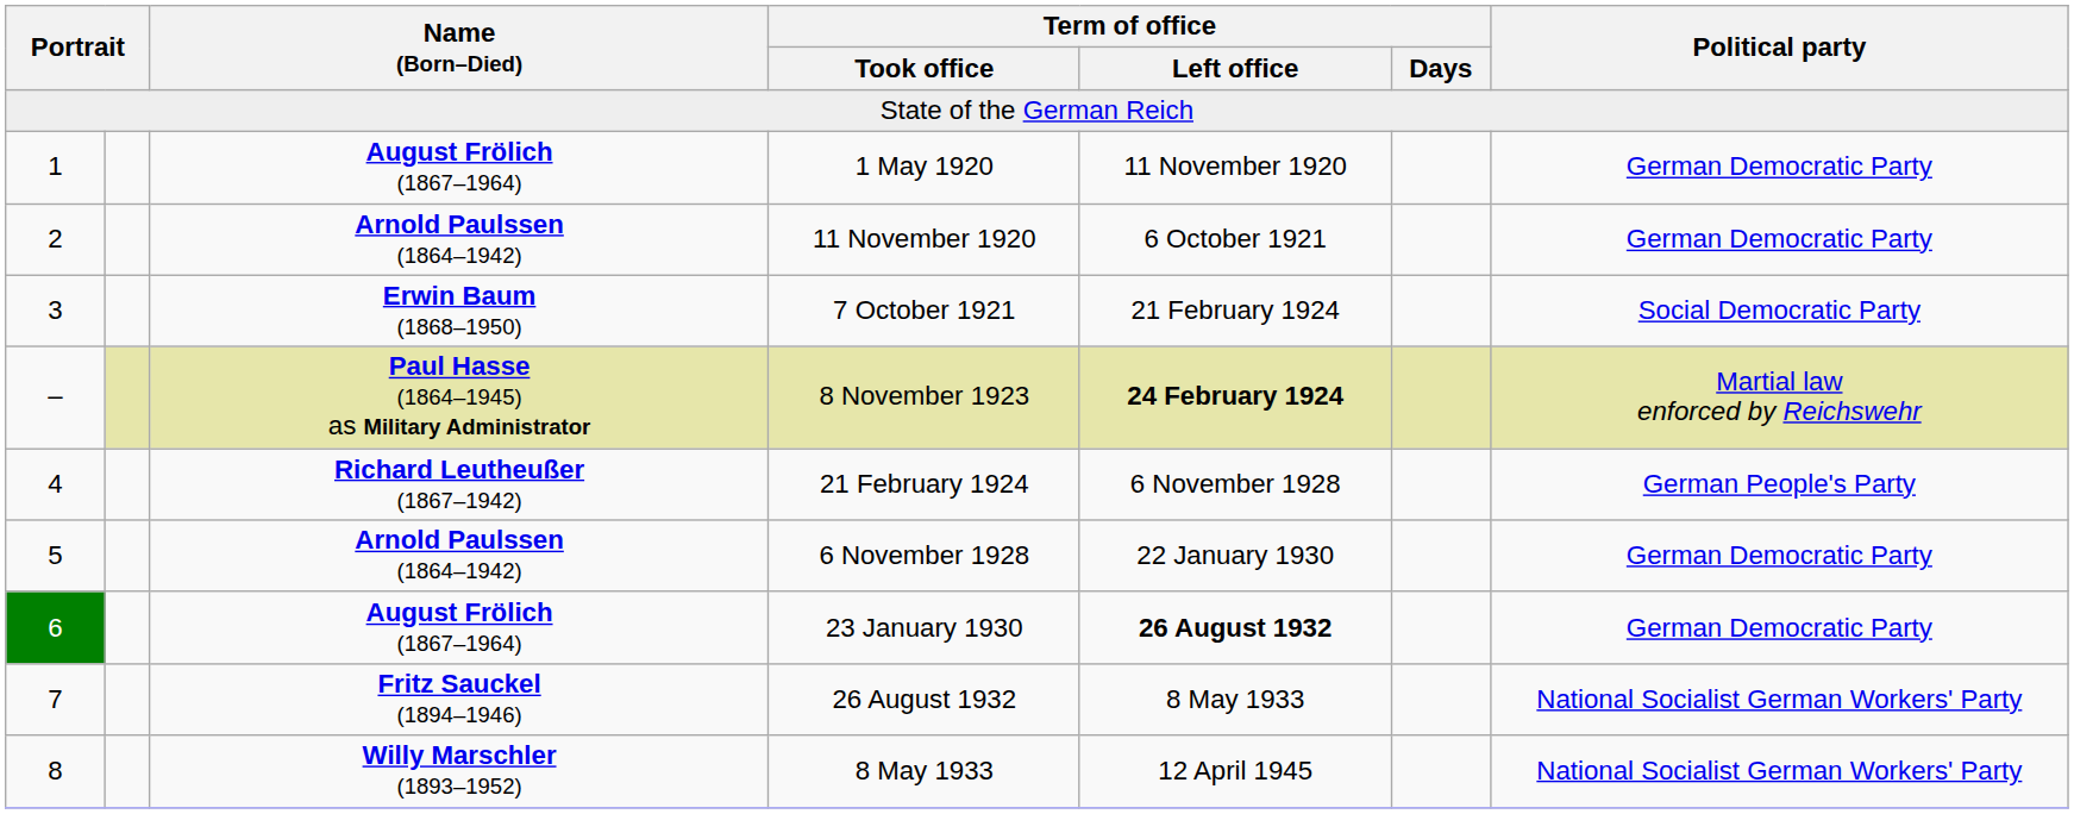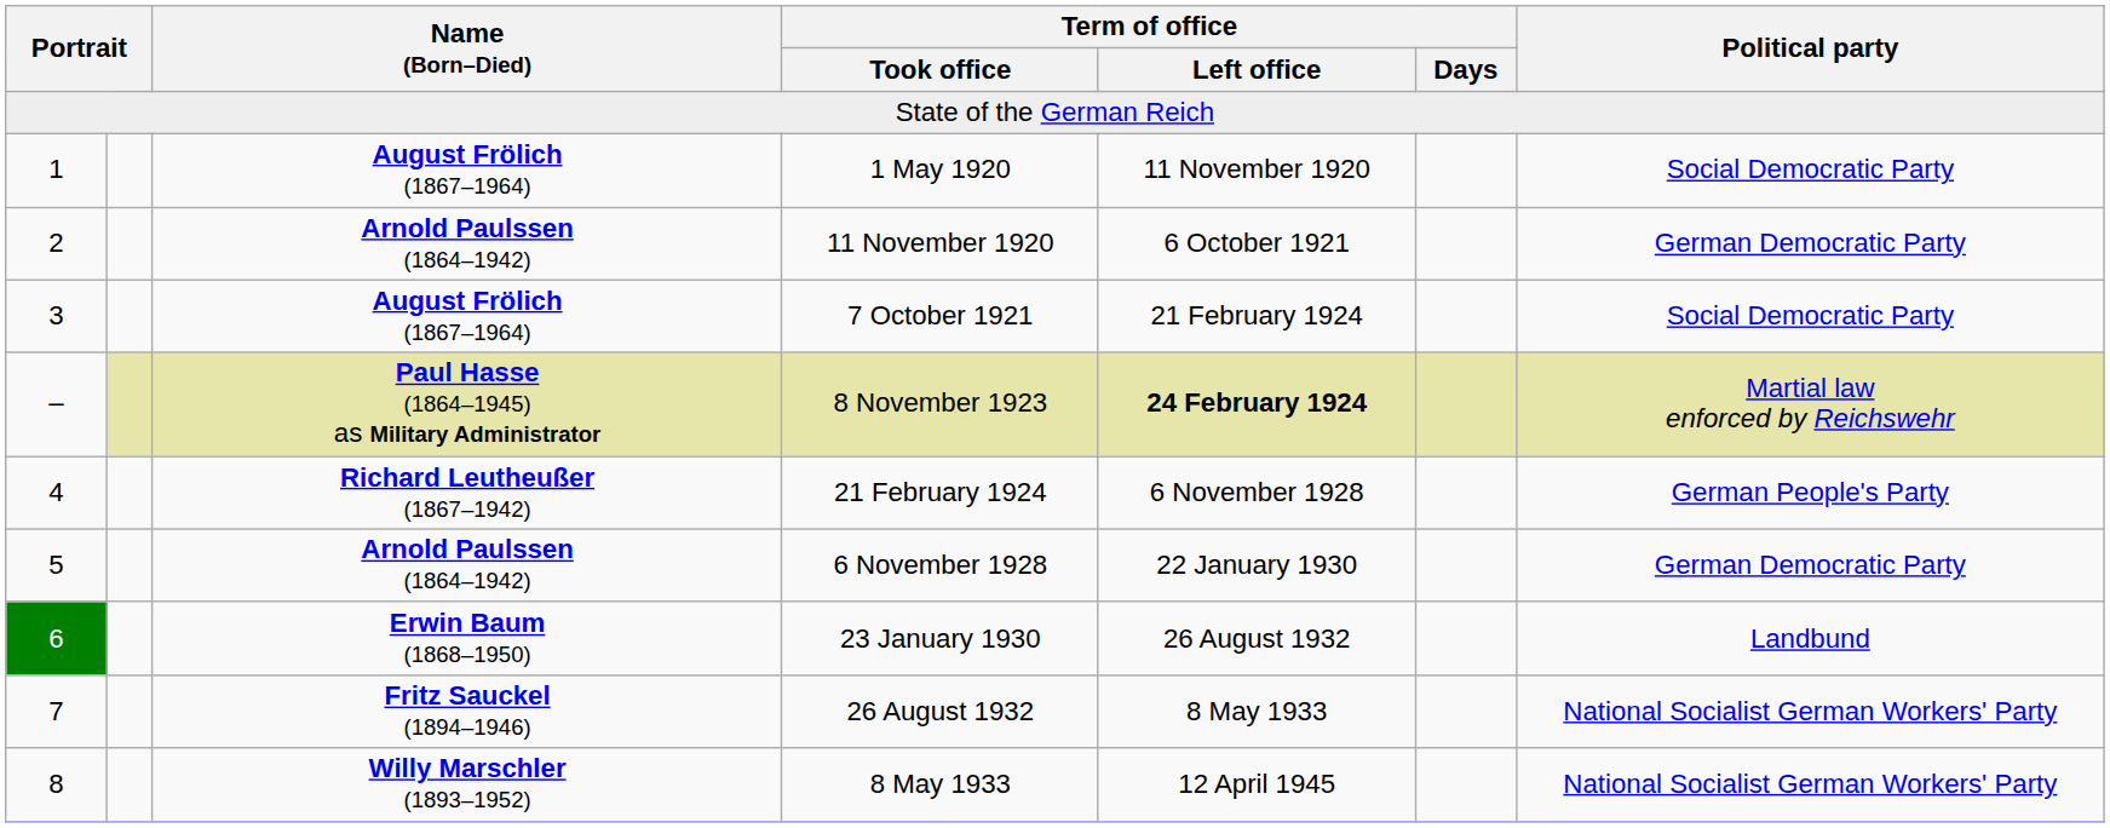 <table class="wikitable" style="text-align:center; border:1px #AAAAFF solid">
 <tr>
 <th width=80px rowspan=2 colspan=2>Portrait</th>
 <th width=30% rowspan=2>Name<br><small>(Born–Died)</small></th>
 <th width=35% colspan=3>Term of office</th>
 <th width=28% rowspan=2>Political party</th>
 </tr>
 <tr>
 <th>Took office</th>
 <th>Left office</th>
 <th>Days</th>
 </tr>
 <tr>
 <td bgcolor=#EEEEEE colspan=8>State of the <a href='#'>German Reich</a></td>
 </tr>
 <tr>
 <td style="background:">1</td>
 <td></td>
 <td><strong><a href='#'>August Frölich</a></strong><br><small>(1867–1964)</small><br></td>
 <td>1 May 1920</td>
 <td>11 November 1920</td>
 <td></td>
-<td><a href='#'>German Democratic Party</a></td>
+<td><a href='#'>Social Democratic Party</a></td>
 </tr>
 <tr>
 <td style="background:">2</td>
 <td></td>
 <td><strong><a href='#'>Arnold Paulssen</a></strong><br><small>(1864–1942)</small><br></td>
 <td>11 November 1920</td>
 <td>6 October 1921</td>
 <td></td>
 <td><a href='#'>German Democratic Party</a></td>
 </tr>
 <tr>
 <td style="background:">3<br></td>
 <td></td>
-<td><strong><a href='#'>Erwin Baum</a></strong><br><small>(1868–1950)</small></td>
+<td><strong><a href='#'>August Frölich</a></strong><br><small>(1867–1964)</small><br></td>
 <td>7 October 1921</td>
 <td>21 February 1924</td>
 <td></td>
 <td><a href='#'>Social Democratic Party</a></td>
 </tr>
 <tr>
 <td style="background:">–</td>
 <td style="background-color: #E6E6AA"></td>
 <td style="background-color: #E6E6AA"><strong><a href='#'>Paul Hasse</a></strong><br><small>(1864–1945)</small><br>as <small><strong>Military Administrator</strong></small></td>
 <td style="background-color: #E6E6AA">8 November 1923</td>
 <td style="background-color: #E6E6AA"><strong>24 February 1924</strong></td>
 <td style="background-color: #E6E6AA"></td>
 <td style="background-color: #E6E6AA"><a href='#'>Martial law</a><br><em>enforced by <a href='#'>Reichswehr</a></em></td>
 </tr>
 <tr>
 <td style="background:">4</td>
 <td></td>
 <td><strong><a href='#'>Richard Leutheußer</a></strong><br><small>(1867–1942)</small></td>
 <td>21 February 1924</td>
 <td>6 November 1928</td>
 <td></td>
 <td><a href='#'>German People's Party</a></td>
 </tr>
 <tr>
 <td style="background:">5<br></td>
 <td></td>
 <td><strong><a href='#'>Arnold Paulssen</a></strong><br><small>(1864–1942)</small><br></td>
 <td>6 November 1928</td>
 <td>22 January 1930</td>
 <td></td>
 <td><a href='#'>German Democratic Party</a></td>
 </tr>
 <tr>
 <td style="background:Green; color:white;">6</td>
 <td></td>
-<td><strong><a href='#'>August Frölich</a></strong><br><small>(1867–1964)</small><br></td>
+<td><strong><a href='#'>Erwin Baum</a></strong><br><small>(1868–1950)</small></td>
 <td>23 January 1930</td>
-<td><strong>26 August 1932</strong></td>
+<td>26 August 1932</td>
 <td></td>
-<td><a href='#'>German Democratic Party</a></td>
+<td><a href='#'>Landbund</a></td>
 </tr>
 <tr>
 <td style="background:">7</td>
 <td></td>
 <td><strong><a href='#'>Fritz Sauckel</a></strong><br><small>(1894–1946)</small></td>
 <td>26 August 1932</td>
 <td>8 May 1933</td>
 <td></td>
 <td><a href='#'>National Socialist German Workers' Party</a></td>
 </tr>
 <tr>
 <td style="background:">8</td>
 <td></td>
 <td><strong><a href='#'>Willy Marschler</a></strong><br><small>(1893–1952)</small></td>
 <td>8 May 1933</td>
 <td>12 April 1945</td>
 <td></td>
 <td><a href='#'>National Socialist German Workers' Party</a></td>
 </tr>
 <tr>
 </tr>
 </table>
